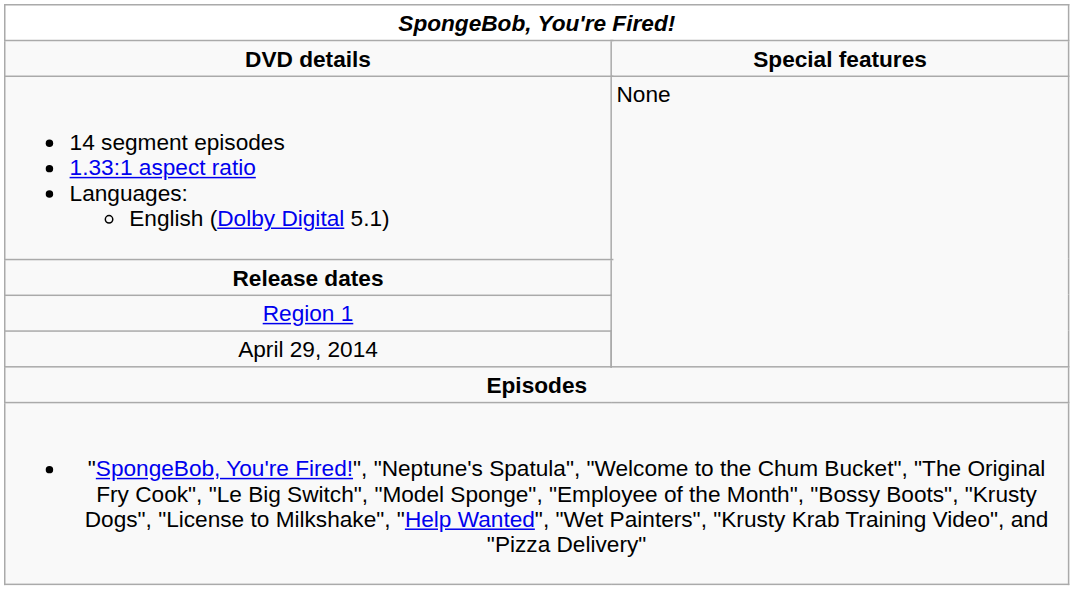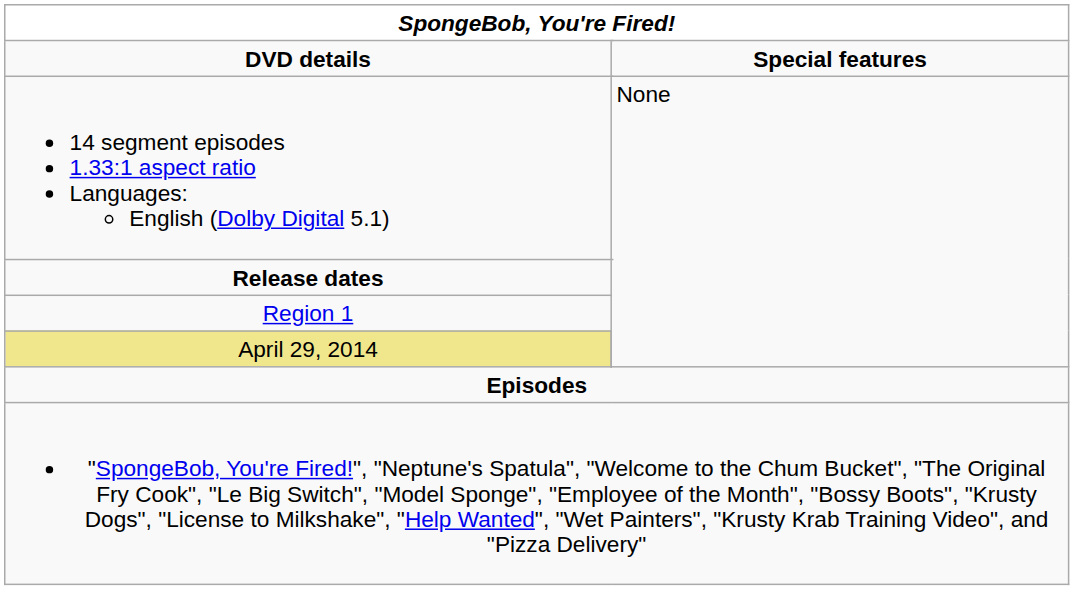 <table class="wikitable" style="font-size: 95%;">
 <tr style="background:#FFF; color:#000;">
 <td colspan="4" align="center"><strong><em>SpongeBob, You're Fired!</em></strong></td>
 </tr>
 <tr valign="top">
 <td style="text-align:center; width:400px;" colspan="3"><strong>DVD details</strong></td>
 <td style="width:300px; text-align:center;"><strong>Special features</strong></td>
 </tr>
 <tr valign="top">
 <td colspan="3" style="text-align:left; width:400px;"><br><ul><li>14 segment episodes</li><li><a href='#'>1.33:1 aspect ratio</a></li><li>Languages:<ul><li>English (<a href='#'>Dolby Digital</a> 5.1)</li></ul></li></ul></td>
 <td rowspan="4" style="text-align:left; width:300px;">None</td>
 </tr>
 <tr>
 <td colspan="3" style="text-align:center;"><strong>Release dates</strong></td>
 </tr>
 <tr>
 <td colspan="3" style="text-align:center;"><a href='#'>Region 1</a></td>
 </tr>
 <tr style="text-align:center;">
-<td>April 29, 2014</td>
+<td style="background: khaki;">April 29, 2014</td>
 </tr>
 <tr>
 <td style="text-align:center; width:400px;" colspan="4"><strong>Episodes</strong></td>
 </tr>
 <tr>
 <td style="text-align:center; width:400px;" colspan="4"><br><ul><li>"<a href='#'>SpongeBob, You're Fired!</a>", "Neptune's Spatula", "Welcome to the Chum Bucket", "The Original Fry Cook", "Le Big Switch", "Model Sponge", "Employee of the Month", "Bossy Boots", "Krusty Dogs", "License to Milkshake", "<a href='#'>Help Wanted</a>", "Wet Painters", "Krusty Krab Training Video", and "Pizza Delivery"</li></ul></td>
 </tr>
 </table>
